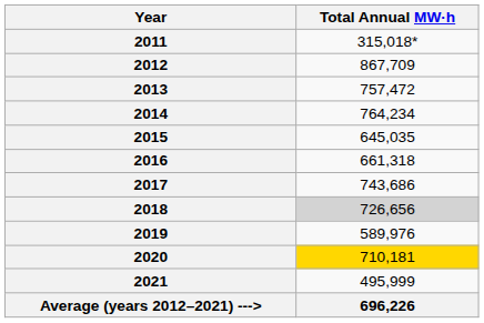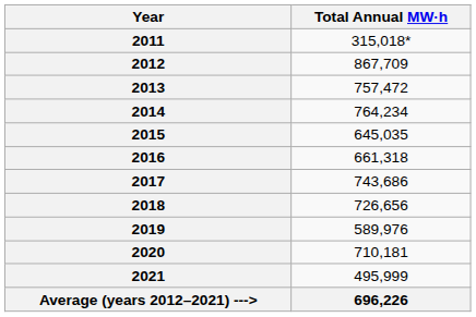 <table class=wikitable style="text-align:center; font-size:0.9em; width:450px;">
 <tr>
 <th>Year</th>
 <th>Total Annual <a href='#'>MW·h</a></th>
 </tr>
 <tr>
 <th>2011</th>
 <td>315,018*</td>
 </tr>
 <tr>
 <th>2012</th>
 <td>867,709</td>
 </tr>
 <tr>
 <th>2013</th>
 <td>757,472</td>
 </tr>
 <tr>
 <th>2014</th>
 <td>764,234</td>
 </tr>
 <tr>
 <th>2015</th>
 <td>645,035</td>
 </tr>
 <tr>
 <th>2016</th>
 <td>661,318</td>
 </tr>
 <tr>
 <th>2017</th>
 <td>743,686</td>
 </tr>
 <tr>
 <th>2018</th>
-<td style="background: lightgrey;">726,656</td>
+<td>726,656</td>
 </tr>
 <tr>
 <th>2019</th>
 <td>589,976</td>
 </tr>
 <tr>
 <th>2020</th>
-<td style="background: gold;">710,181</td>
+<td>710,181</td>
 </tr>
 <tr>
 <th>2021</th>
 <td>495,999</td>
 </tr>
 <tr>
 <th>Average (years 2012–2021) ---></th>
 <th>696,226</th>
 </tr>
 </table>
